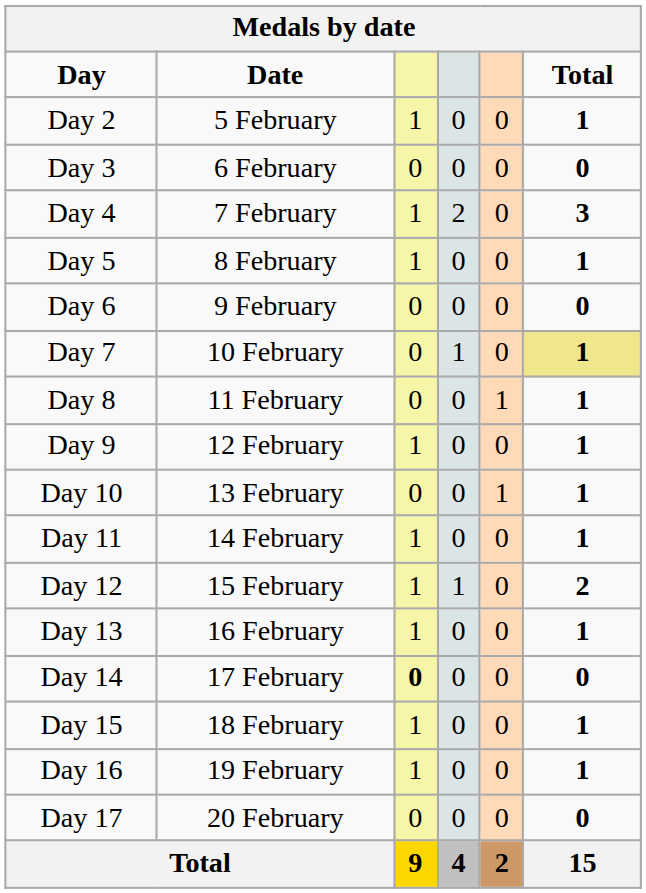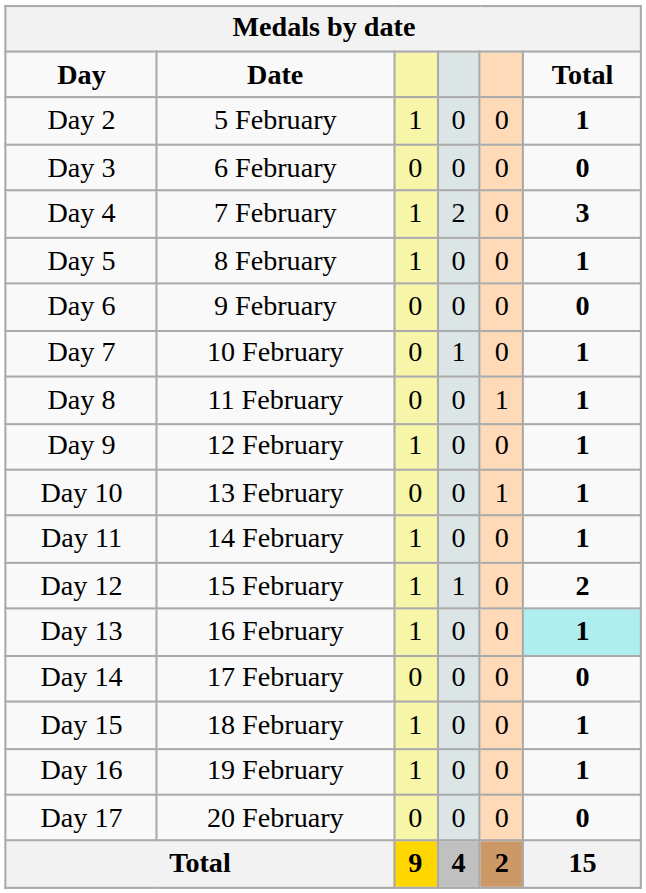 <table class="wikitable" style="font-size:85%;float:right;clear:right;min-width:308px;">
 <tr bgcolor=efefef>
 <th colspan=6>Medals by date</th>
 </tr>
 <tr align=center>
 <td><strong>Day</strong></td>
 <td><strong>Date</strong></td>
 <td bgcolor=#f7f6a8></td>
 <td bgcolor=#dce5e5></td>
 <td bgcolor=#ffdab9></td>
 <td><strong>Total</strong></td>
 </tr>
 <tr align=center>
 <td>Day 2</td>
 <td>5 February</td>
 <td bgcolor=F7F6A8>1</td>
 <td bgcolor=DCE5E5>0</td>
 <td bgcolor=FFDAB9>0</td>
 <td><strong>1</strong></td>
 </tr>
 <tr align=center>
 <td>Day 3</td>
 <td>6 February</td>
 <td bgcolor=F7F6A8>0</td>
 <td bgcolor=DCE5E5>0</td>
 <td bgcolor=FFDAB9>0</td>
 <td><strong>0</strong></td>
 </tr>
 <tr align=center>
 <td>Day 4</td>
 <td>7 February</td>
 <td bgcolor=F7F6A8>1</td>
 <td bgcolor=DCE5E5>2</td>
 <td bgcolor=FFDAB9>0</td>
 <td><strong>3</strong></td>
 </tr>
 <tr align=center>
 <td>Day 5</td>
 <td>8 February</td>
 <td bgcolor=F7F6A8>1</td>
 <td bgcolor=DCE5E5>0</td>
 <td bgcolor=FFDAB9>0</td>
 <td><strong>1</strong></td>
 </tr>
 <tr align=center>
 <td>Day 6</td>
 <td>9 February</td>
 <td bgcolor=F7F6A8>0</td>
 <td bgcolor=DCE5E5>0</td>
 <td bgcolor=FFDAB9>0</td>
 <td><strong>0</strong></td>
 </tr>
 <tr align=center>
 <td>Day 7</td>
 <td>10 February</td>
 <td bgcolor=F7F6A8>0</td>
 <td bgcolor=DCE5E5>1</td>
 <td bgcolor=FFDAB9>0</td>
-<td style="background: khaki;"><strong>1</strong></td>
+<td><strong>1</strong></td>
 </tr>
 <tr align=center>
 <td>Day 8</td>
 <td>11 February</td>
 <td bgcolor=F7F6A8>0</td>
 <td bgcolor=DCE5E5>0</td>
 <td bgcolor=FFDAB9>1</td>
 <td><strong>1</strong></td>
 </tr>
 <tr align=center>
 <td>Day 9</td>
 <td>12 February</td>
 <td bgcolor=F7F6A8>1</td>
 <td bgcolor=DCE5E5>0</td>
 <td bgcolor=FFDAB9>0</td>
 <td><strong>1</strong></td>
 </tr>
 <tr align=center>
 <td>Day 10</td>
 <td>13 February</td>
 <td bgcolor=F7F6A8>0</td>
 <td bgcolor=DCE5E5>0</td>
 <td bgcolor=FFDAB9>1</td>
 <td><strong>1</strong></td>
 </tr>
 <tr align=center>
 <td>Day 11</td>
 <td>14 February</td>
 <td bgcolor=F7F6A8>1</td>
 <td bgcolor=DCE5E5>0</td>
 <td bgcolor=FFDAB9>0</td>
 <td><strong>1</strong></td>
 </tr>
 <tr align=center>
 <td>Day 12</td>
 <td>15 February</td>
 <td bgcolor=F7F6A8>1</td>
 <td bgcolor=DCE5E5>1</td>
 <td bgcolor=FFDAB9>0</td>
 <td><strong>2</strong></td>
 </tr>
 <tr align=center>
 <td>Day 13</td>
 <td>16 February</td>
 <td bgcolor=F7F6A8>1</td>
 <td bgcolor=DCE5E5>0</td>
 <td bgcolor=FFDAB9>0</td>
-<td><strong>1</strong></td>
+<td style="background: paleturquoise;"><strong>1</strong></td>
 </tr>
 <tr align=center>
 <td>Day 14</td>
 <td>17 February</td>
-<td bgcolor=F7F6A8><strong>0</strong></td>
+<td bgcolor=F7F6A8>0</td>
 <td bgcolor=DCE5E5>0</td>
 <td bgcolor=FFDAB9>0</td>
 <td><strong>0</strong></td>
 </tr>
 <tr align=center>
 <td>Day 15</td>
 <td>18 February</td>
 <td bgcolor=F7F6A8>1</td>
 <td bgcolor=DCE5E5>0</td>
 <td bgcolor=FFDAB9>0</td>
 <td><strong>1</strong></td>
 </tr>
 <tr align=center>
 <td>Day 16</td>
 <td>19 February</td>
 <td bgcolor=F7F6A8>1</td>
 <td bgcolor=DCE5E5>0</td>
 <td bgcolor=FFDAB9>0</td>
 <td><strong>1</strong></td>
 </tr>
 <tr align=center>
 <td>Day 17</td>
 <td>20 February</td>
 <td bgcolor=F7F6A8>0</td>
 <td bgcolor=DCE5E5>0</td>
 <td bgcolor=FFDAB9>0</td>
 <td><strong>0</strong></td>
 </tr>
 <tr>
 <th colspan=2>Total</th>
 <th style="background:gold;">9</th>
 <th style="background:silver;">4</th>
 <th style="background:#c96;">2</th>
 <th>15</th>
 </tr>
 </table>
